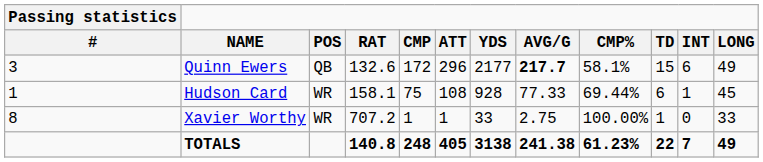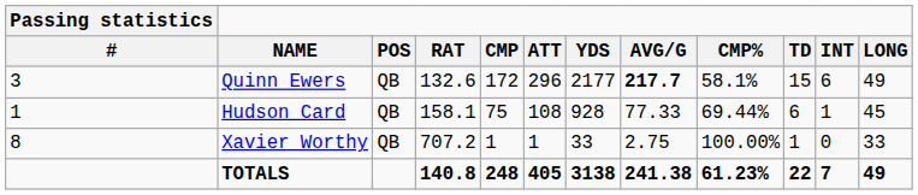 <table class="wikitable">
 <tr>
 <th style="text-align:center; ">Passing statistics</th>
 </tr>
 <tr>
 <th>#</th>
 <th>NAME</th>
 <th>POS</th>
 <th>RAT</th>
 <th>CMP</th>
 <th>ATT</th>
 <th>YDS</th>
 <th>AVG/G</th>
 <th>CMP%</th>
 <th>TD</th>
 <th>INT</th>
 <th>LONG</th>
 </tr>
 <tr>
 <td>3</td>
 <td><a href='#'>Quinn Ewers</a></td>
 <td>QB</td>
 <td>132.6</td>
 <td>172</td>
 <td>296</td>
 <td>2177</td>
 <td><strong>217.7</strong></td>
 <td>58.1%</td>
 <td>15</td>
 <td>6</td>
 <td>49</td>
 </tr>
 <tr>
 <td>1</td>
 <td><a href='#'>Hudson Card</a></td>
-<td>WR</td>
+<td>QB</td>
 <td>158.1</td>
 <td>75</td>
 <td>108</td>
 <td>928</td>
 <td>77.33</td>
 <td>69.44%</td>
 <td>6</td>
 <td>1</td>
 <td>45</td>
 </tr>
 <tr>
 <td>8</td>
 <td><a href='#'>Xavier Worthy</a></td>
-<td>WR</td>
+<td>QB</td>
 <td>707.2</td>
 <td>1</td>
 <td>1</td>
 <td>33</td>
 <td>2.75</td>
 <td>100.00%</td>
 <td>1</td>
 <td>0</td>
 <td>33</td>
 </tr>
 <tr>
 <td></td>
 <td><strong>TOTALS</strong></td>
 <td></td>
 <td><strong>140.8</strong></td>
 <td><strong>248</strong></td>
 <td><strong>405</strong></td>
 <td><strong>3138</strong></td>
 <td><strong>241.38</strong></td>
 <td><strong>61.23%</strong></td>
 <td><strong>22</strong></td>
 <td><strong>7</strong></td>
 <td><strong>49</strong></td>
 </tr>
 </table>
